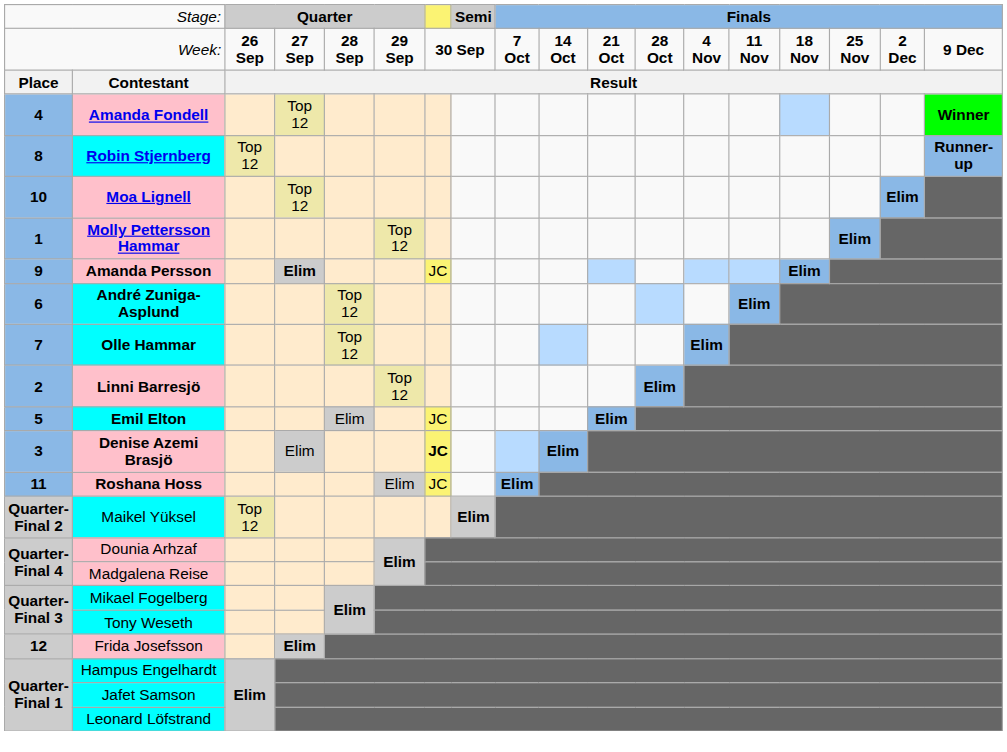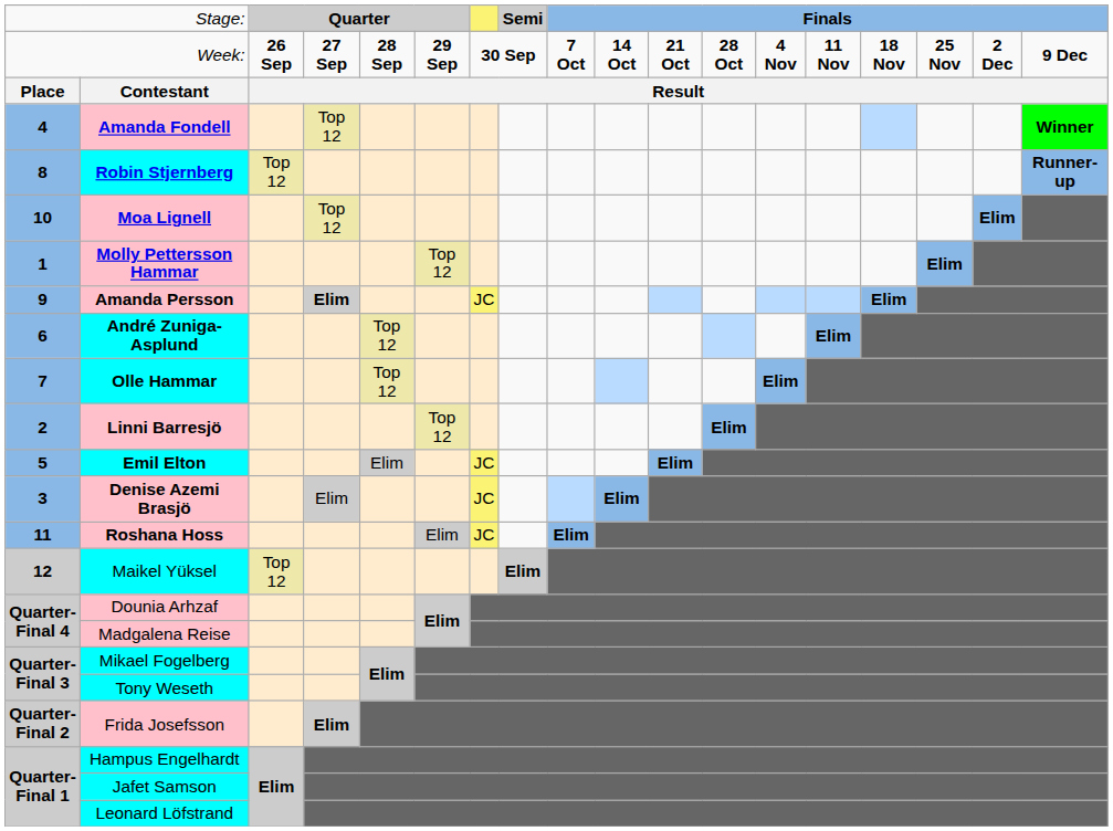 <table class="wikitable" style="margin:1em auto; text-align:center; font-size:85%">
 <tr>
 <td style="text-align:right;" colspan="2"><em>Stage:</em></td>
 <td style="background:#ccc;" colspan="4"><strong>Quarter</strong></td>
 <td style="background:#fbf373; text-align:center;"></td>
 <td style="background:#ccc;"><strong>Semi</strong></td>
 <td style="background:#8ab8e6;" colspan="10"><strong>Finals</strong></td>
 </tr>
 <tr>
 <td style="text-align:right;" colspan="2"><em>Week:</em></td>
 <td><strong>26 Sep</strong></td>
 <td><strong>27 Sep</strong></td>
 <td><strong>28 Sep</strong></td>
 <td><strong>29 Sep</strong></td>
 <td colspan="2"><strong>30 Sep</strong></td>
 <td><strong>7 Oct</strong></td>
 <td><strong>14 Oct</strong></td>
 <td><strong>21 Oct</strong></td>
 <td><strong>28 Oct</strong></td>
 <td><strong>4 Nov</strong></td>
 <td><strong>11 Nov</strong></td>
 <td><strong>18 Nov</strong></td>
 <td><strong>25 Nov</strong></td>
 <td><strong>2 Dec</strong></td>
 <td><strong>9 Dec</strong></td>
 </tr>
 <tr>
 <th>Place</th>
 <th>Contestant</th>
 <th style="text-align:center;" colspan="16">Result</th>
 </tr>
 <tr>
 <td style="background:#8ab8e6;"><strong>4</strong></td>
 <td style="background:pink;"><strong><a href='#'>Amanda Fondell</a></strong></td>
 <td style="background:#ffebcd;"></td>
 <td style="background:palegoldenrod; text-align:center;">Top 12</td>
 <td style="background:#ffebcd;"></td>
 <td style="background:#ffebcd;"></td>
 <td style="background:#ffebcd;"></td>
 <td></td>
 <td></td>
 <td></td>
 <td></td>
 <td></td>
 <td></td>
 <td></td>
 <td style="background:#b8dbff;"></td>
 <td></td>
 <td></td>
 <td style="background:lime;"><strong>Winner</strong></td>
 </tr>
 <tr>
 <td style="background:#8ab8e6;"><strong>8</strong></td>
 <td style="background:cyan;"><strong><a href='#'>Robin Stjernberg</a></strong></td>
 <td style="background:palegoldenrod; text-align:center;">Top 12</td>
 <td style="background:#ffebcd;"></td>
 <td style="background:#ffebcd;"></td>
 <td style="background:#ffebcd;"></td>
 <td style="background:#ffebcd;"></td>
 <td></td>
 <td></td>
 <td></td>
 <td></td>
 <td></td>
 <td></td>
 <td></td>
 <td></td>
 <td></td>
 <td></td>
 <td style="background:#8ab8e6;"><strong>Runner-up</strong></td>
 </tr>
 <tr>
 <td style="background:#8ab8e6;"><strong>10</strong></td>
 <td style="background:pink;"><strong><a href='#'>Moa Lignell</a></strong></td>
 <td style="background:#ffebcd;"></td>
 <td style="background:palegoldenrod; text-align:center;">Top 12</td>
 <td style="background:#ffebcd;"></td>
 <td style="background:#ffebcd;"></td>
 <td style="background:#ffebcd;"></td>
 <td></td>
 <td></td>
 <td></td>
 <td></td>
 <td></td>
 <td></td>
 <td></td>
 <td></td>
 <td></td>
 <td style="background:#8ab8e6;"><strong>Elim</strong></td>
 <td style="background:#666;"></td>
 </tr>
 <tr>
 <td style="background:#8ab8e6;"><strong>1</strong></td>
 <td style="background:pink;"><strong><a href='#'>Molly Pettersson Hammar</a></strong></td>
 <td style="background:#ffebcd;"></td>
 <td style="background:#ffebcd;"></td>
 <td style="background:#ffebcd;"></td>
 <td style="background:palegoldenrod; text-align:center;">Top 12</td>
 <td style="background:#ffebcd;"></td>
 <td></td>
 <td></td>
 <td></td>
 <td></td>
 <td></td>
 <td></td>
 <td></td>
 <td></td>
 <td style="background:#8ab8e6;"><strong>Elim</strong></td>
 <td style="background:#666;" colspan="2"></td>
 </tr>
 <tr>
 <td style="background:#8ab8e6;"><strong>9</strong></td>
 <td style="background:pink;"><strong>Amanda Persson</strong></td>
 <td style="background:#ffebcd;"></td>
 <td style="background:#ccc; text-align:center;"><strong>Elim</strong></td>
 <td style="background:#ffebcd;"></td>
 <td style="background:#ffebcd;"></td>
 <td style="background:#fbf373; text-align:center;">JC</td>
 <td></td>
 <td></td>
 <td></td>
 <td style="background:#b8dbff;"></td>
 <td></td>
 <td style="background:#b8dbff;"></td>
 <td style="background:#b8dbff;"></td>
 <td style="background:#8ab8e6;"><strong>Elim</strong></td>
 <td style="background:#666;" colspan="3"></td>
 </tr>
 <tr>
 <td style="background:#8ab8e6;"><strong>6</strong></td>
 <td style="background:cyan;"><strong>André Zuniga-Asplund</strong></td>
 <td style="background:#ffebcd;"></td>
 <td style="background:#ffebcd;"></td>
 <td style="background:palegoldenrod; text-align:center;">Top 12</td>
 <td style="background:#ffebcd;"></td>
 <td style="background:#ffebcd;"></td>
 <td></td>
 <td></td>
 <td></td>
 <td></td>
 <td style="background:#b8dbff;"></td>
 <td></td>
 <td style="background:#8ab8e6;"><strong>Elim</strong></td>
 <td style="background:#666;" colspan="4"></td>
 </tr>
 <tr>
 <td style="background:#8ab8e6;"><strong>7</strong></td>
 <td style="background:cyan;"><strong>Olle Hammar</strong></td>
 <td style="background:#ffebcd;"></td>
 <td style="background:#ffebcd;"></td>
 <td style="background:palegoldenrod; text-align:center;">Top 12</td>
 <td style="background:#ffebcd;"></td>
 <td style="background:#ffebcd;"></td>
 <td></td>
 <td></td>
 <td style="background:#b8dbff;"></td>
 <td></td>
 <td></td>
 <td style="background:#8ab8e6;"><strong>Elim</strong></td>
 <td style="background:#666;" colspan="6"></td>
 </tr>
 <tr>
 <td style="background:#8ab8e6;"><strong>2</strong></td>
 <td style="background:pink;"><strong>Linni Barresjö</strong></td>
 <td style="background:#ffebcd;"></td>
 <td style="background:#ffebcd;"></td>
 <td style="background:#ffebcd;"></td>
 <td style="background:palegoldenrod; text-align:center;">Top 12</td>
 <td style="background:#ffebcd;"></td>
 <td></td>
 <td></td>
 <td></td>
 <td></td>
 <td style="background:#8ab8e6;"><strong>Elim</strong></td>
 <td style="background:#666;" colspan="7"></td>
 </tr>
 <tr>
 <td style="background:#8ab8e6;"><strong>5</strong></td>
 <td style="background:cyan;"><strong>Emil Elton</strong></td>
 <td style="background:#ffebcd;"></td>
 <td style="background:#ffebcd;"></td>
 <td style="background:#ccc; text-align:center;">Elim</td>
 <td style="background:#ffebcd;"></td>
 <td style="background:#fbf373; text-align:center;">JC</td>
 <td></td>
 <td></td>
 <td></td>
 <td style="background:#8ab8e6;"><strong>Elim</strong></td>
 <td style="background:#666;" colspan="8"></td>
 </tr>
 <tr>
 <td style="background:#8ab8e6;"><strong>3</strong></td>
 <td style="background:pink;"><strong>Denise Azemi Brasjö</strong></td>
 <td style="background:#ffebcd;"></td>
 <td style="background:#ccc; text-align:center;">Elim</td>
 <td style="background:#ffebcd;"></td>
 <td style="background:#ffebcd;"></td>
-<td style="background:#fbf373; text-align:center;"><strong>JC</strong></td>
+<td style="background:#fbf373; text-align:center;">JC</td>
 <td></td>
 <td style="background:#b8dbff;"></td>
 <td style="background:#8ab8e6;"><strong>Elim</strong></td>
 <td style="background:#666;" colspan="9"></td>
 </tr>
 <tr>
 <td style="background:#8ab8e6;"><strong>11</strong></td>
 <td style="background:pink;"><strong>Roshana Hoss</strong></td>
 <td style="background:#ffebcd;"></td>
 <td style="background:#ffebcd;"></td>
 <td style="background:#ffebcd;"></td>
 <td style="background:#ccc; text-align:center;">Elim</td>
 <td style="background:#fbf373; text-align:center;">JC</td>
 <td></td>
 <td style="background:#8ab8e6;"><strong>Elim</strong></td>
 <td style="background:#666;" colspan="10"></td>
 </tr>
 <tr>
-<td style="background:#ccc; text-align:center;"><strong>Quarter-<br>Final 2</strong></td>
+<td style="background:#ccc; text-align:center;"><strong>12</strong></td>
 <td style="background:cyan;">Maikel Yüksel</td>
 <td style="background:palegoldenrod; text-align:center;">Top 12</td>
 <td style="background:#ffebcd;"></td>
 <td style="background:#ffebcd;"></td>
 <td style="background:#ffebcd;"></td>
 <td style="background:#ffebcd;"></td>
 <td style="background:#ccc; text-align:center;"><strong>Elim</strong></td>
 <td colspan="11" style="background:#666;"></td>
 </tr>
 <tr>
 <td style="background:#ccc; text-align:center;" rowspan="2"><strong>Quarter-<br>Final 4</strong></td>
 <td style="background:pink;">Dounia Arhzaf</td>
 <td style="background:#ffebcd;"></td>
 <td style="background:#ffebcd;"></td>
 <td style="background:#ffebcd;"></td>
 <td style="background:#ccc; text-align:center;" rowspan="2"><strong>Elim</strong></td>
 <td colspan="12" style="background:#666;"></td>
 </tr>
 <tr>
 <td style="background:pink;">Madgalena Reise</td>
 <td style="background:#ffebcd;"></td>
 <td style="background:#ffebcd;"></td>
 <td style="background:#ffebcd;"></td>
 <td colspan="12" style="background:#666;"></td>
 </tr>
 <tr>
 <td style="background:#ccc; text-align:center;" rowspan="2"><strong>Quarter-<br>Final 3</strong></td>
 <td style="background:cyan;">Mikael Fogelberg</td>
 <td style="background:#ffebcd;"></td>
 <td style="background:#ffebcd;"></td>
 <td style="background:#ccc; text-align:center;" rowspan="2"><strong>Elim</strong></td>
 <td colspan="13" style="background:#666;"></td>
 </tr>
 <tr>
 <td style="background:cyan;">Tony Weseth</td>
 <td style="background:#ffebcd;"></td>
 <td style="background:#ffebcd;"></td>
 <td colspan="13" style="background:#666;"></td>
 </tr>
 <tr>
-<td style="background:#ccc; text-align:center;"><strong>12</strong></td>
+<td style="background:#ccc; text-align:center;"><strong>Quarter-<br>Final 2</strong></td>
 <td style="background:pink;">Frida Josefsson</td>
 <td style="background:#ffebcd;"></td>
 <td style="background:#ccc; text-align:center;"><strong>Elim</strong></td>
 <td colspan="14" style="background:#666;"></td>
 </tr>
 <tr>
 <td style="background:#ccc; text-align:center;" rowspan="3"><strong>Quarter-<br>Final 1</strong></td>
 <td style="background:cyan;">Hampus Engelhardt</td>
 <td style="background:#ccc; text-align:center;" rowspan="3"><strong>Elim</strong></td>
 <td colspan="15" style="background:#666;"></td>
 </tr>
 <tr>
 <td style="background:cyan;">Jafet Samson</td>
 <td colspan="15" style="background:#666;"></td>
 </tr>
 <tr>
 <td style="background:cyan;">Leonard Löfstrand</td>
 <td colspan="15" style="background:#666;"></td>
 </tr>
 </table>
